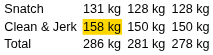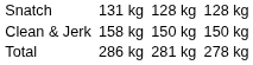 <table>
 <tr>
 <td>Snatch</td>
 <td></td>
 <td>131 kg</td>
 <td></td>
 <td>128 kg</td>
 <td></td>
 <td>128 kg</td>
 </tr>
 <tr>
 <td>Clean & Jerk</td>
 <td></td>
-<td style="background: gold;">158 kg</td>
+<td>158 kg</td>
 <td></td>
 <td>150 kg</td>
 <td></td>
 <td>150 kg</td>
 </tr>
 <tr>
 <td>Total</td>
 <td></td>
 <td>286 kg</td>
 <td></td>
 <td>281 kg</td>
 <td></td>
 <td>278 kg</td>
 </tr>
 </table>
